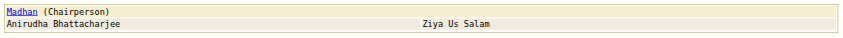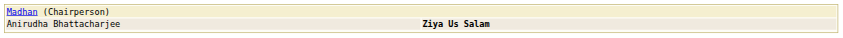 <table style="width:100%;border: 1px solid #BEB168;background-color:#FDFCF6;">
 <tr>
 <td colspan="2" style="background-color:#F5EFD0;"> <a href='#'>Madhan</a> (Chairperson)</td>
 </tr>
 <tr style="background-color:#F0EADF;">
 <td style="width:50%"> Anirudha Bhattacharjee</td>
-<td style="width:50%"> Ziya Us Salam</td>
+<td style="width:50%"><strong> Ziya Us Salam</strong></td>
 </tr>
 <tr style="vertical-align:top;">
 </tr>
 </table>
